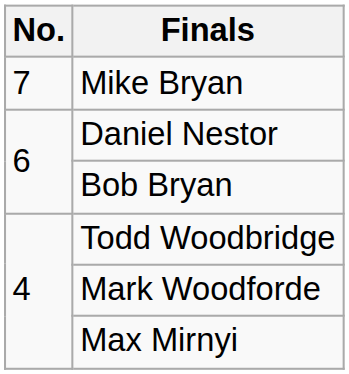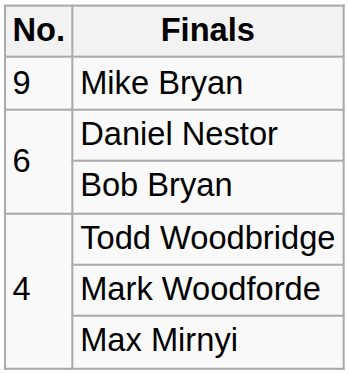 <table class="wikitable" style="display: inline-table;">
 <tr>
 <th width=20>No.</th>
 <th>Finals</th>
 </tr>
 <tr>
-<td>7</td>
+<td>9</td>
 <td> Mike Bryan</td>
 </tr>
 <tr>
 <td rowspan="2">6</td>
 <td> Daniel Nestor</td>
 </tr>
 <tr>
 <td> Bob Bryan</td>
 </tr>
 <tr>
 <td rowspan="3">4</td>
 <td> Todd Woodbridge</td>
 </tr>
 <tr>
 <td> Mark Woodforde</td>
 </tr>
 <tr>
 <td> Max Mirnyi</td>
 </tr>
 </table>
